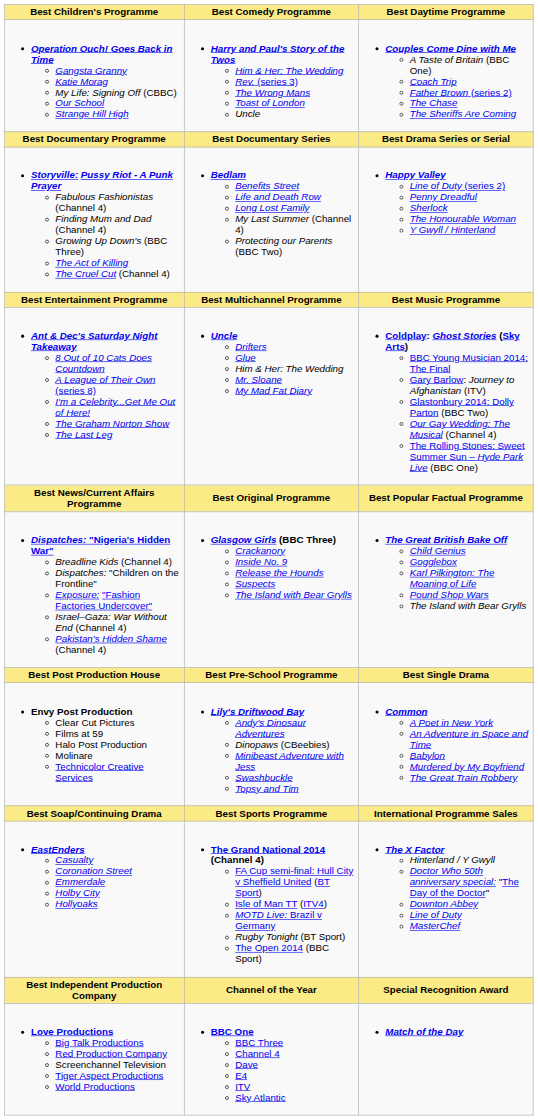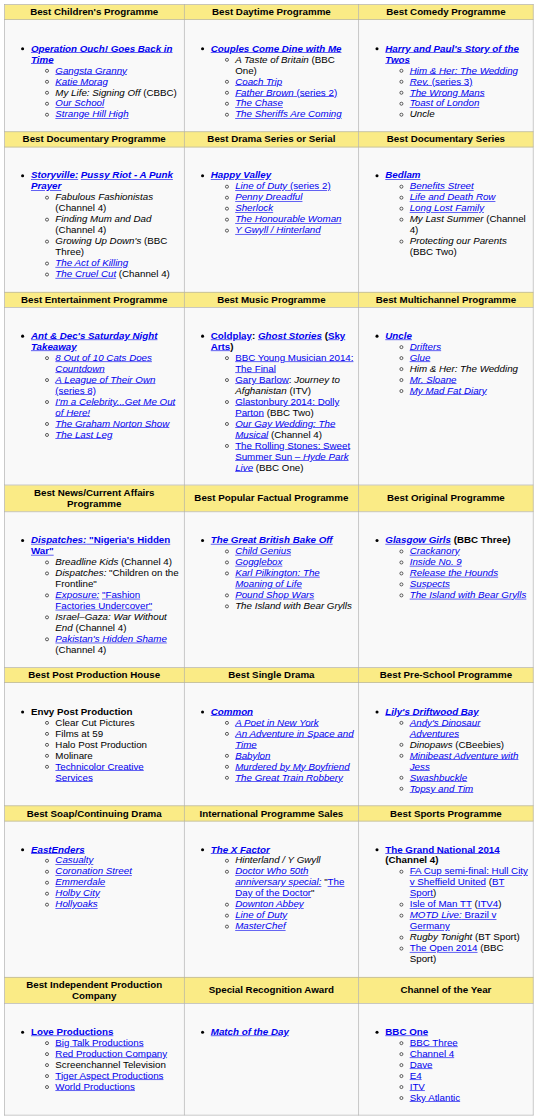 <table class=wikitable style=font-size:100%>
 <tr>
 <th style="background:#FAEB86;" width="34%">Best Children's Programme</th>
+<th style="background:#FAEB86;" width="33%">Best Daytime Programme</th>
 <th style="background:#FAEB86;" width="33%">Best Comedy Programme</th>
-<th style="background:#FAEB86;" width="33%">Best Daytime Programme</th>
 </tr>
 <tr>
 <td valign="top"><br><ul><li><strong><em><a href='#'>Operation Ouch! Goes Back in Time</a></em></strong><ul><li><em><a href='#'>Gangsta Granny</a></em></li><li><em><a href='#'>Katie Morag</a></em></li><li><em>My Life: Signing Off</em> (CBBC)</li><li><em><a href='#'>Our School</a></em></li><li><em><a href='#'>Strange Hill High</a></em></li></ul></li></ul></td>
+<td valign="top"><br><ul><li><strong><em><a href='#'>Couples Come Dine with Me</a></em></strong><ul><li><em>A Taste of Britain</em> (BBC One)</li><li><em><a href='#'>Coach Trip</a></em></li><li><a href='#'><em>Father Brown</em> (series 2)</a></li><li><em><a href='#'>The Chase</a></em></li><li><em><a href='#'>The Sheriffs Are Coming</a></em></li></ul></li></ul></td>
 <td valign="top"><br><ul><li><strong><em><a href='#'>Harry and Paul's Story of the Twos</a></em></strong><ul><li><a href='#'><em>Him & Her: The Wedding</em></a></li><li><a href='#'><em>Rev.</em> (series 3)</a></li><li><em><a href='#'>The Wrong Mans</a></em></li><li><em><a href='#'>Toast of London</a></em></li><li><em>Uncle</em></li></ul></li></ul></td>
-<td valign="top"><br><ul><li><strong><em><a href='#'>Couples Come Dine with Me</a></em></strong><ul><li><em>A Taste of Britain</em> (BBC One)</li><li><em><a href='#'>Coach Trip</a></em></li><li><a href='#'><em>Father Brown</em> (series 2)</a></li><li><em><a href='#'>The Chase</a></em></li><li><em><a href='#'>The Sheriffs Are Coming</a></em></li></ul></li></ul></td>
 </tr>
 <tr>
 <th style="background:#FAEB86;" width="34%">Best Documentary Programme</th>
+<th style="background:#FAEB86;" width="33%">Best Drama Series or Serial</th>
 <th style="background:#FAEB86;" width="33%">Best Documentary Series</th>
-<th style="background:#FAEB86;" width="33%">Best Drama Series or Serial</th>
 </tr>
 <tr>
 <td valign="top"><br><ul><li><strong><em><a href='#'>Storyville:</a> <a href='#'>Pussy Riot - A Punk Prayer</a></em></strong><ul><li><em>Fabulous Fashionistas</em> (Channel 4)</li><li><em>Finding Mum and Dad</em> (Channel 4)</li><li><em>Growing Up Down's</em> (BBC Three)</li><li><em><a href='#'>The Act of Killing</a></em></li><li><em><a href='#'>The Cruel Cut</a></em> (Channel 4)</li></ul></li></ul></td>
+<td valign="top"><br><ul><li><strong><em><a href='#'>Happy Valley</a></em></strong><ul><li><a href='#'><em>Line of Duty</em> (series 2)</a></li><li><em><a href='#'>Penny Dreadful</a></em></li><li><em><a href='#'>Sherlock</a></em></li><li><em><a href='#'>The Honourable Woman</a></em></li><li><em><a href='#'>Y Gwyll / Hinterland</a></em></li></ul></li></ul></td>
 <td valign="top"><br><ul><li><strong><em><a href='#'>Bedlam</a></em></strong><ul><li><em><a href='#'>Benefits Street</a></em></li><li><em><a href='#'>Life and Death Row</a></em></li><li><em><a href='#'>Long Lost Family</a></em></li><li><em>My Last Summer</em> (Channel 4)</li><li><em>Protecting our Parents</em> (BBC Two)</li></ul></li></ul></td>
-<td valign="top"><br><ul><li><strong><em><a href='#'>Happy Valley</a></em></strong><ul><li><a href='#'><em>Line of Duty</em> (series 2)</a></li><li><em><a href='#'>Penny Dreadful</a></em></li><li><em><a href='#'>Sherlock</a></em></li><li><em><a href='#'>The Honourable Woman</a></em></li><li><em><a href='#'>Y Gwyll / Hinterland</a></em></li></ul></li></ul></td>
 </tr>
 <tr>
 <th style="background:#FAEB86;" width="34%">Best Entertainment Programme</th>
+<th style="background:#FAEB86;" width="33%">Best Music Programme</th>
 <th style="background:#FAEB86;" width="33%">Best Multichannel Programme</th>
-<th style="background:#FAEB86;" width="33%">Best Music Programme</th>
 </tr>
 <tr>
 <td valign="top"><br><ul><li><strong><em><a href='#'>Ant & Dec's Saturday Night Takeaway</a></em></strong><ul><li><em><a href='#'>8 Out of 10 Cats Does Countdown</a></em></li><li><a href='#'><em>A League of Their Own</em> (series 8)</a></li><li><em><a href='#'>I'm a Celebrity...Get Me Out of Here!</a></em></li><li><em><a href='#'>The Graham Norton Show</a></em></li><li><em><a href='#'>The Last Leg</a></em></li></ul></li></ul></td>
+<td valign="top"><br><ul><li><strong><a href='#'>Coldplay</a>: <a href='#'><em>Ghost Stories</em></a> (<a href='#'>Sky Arts</a>)</strong><ul><li><a href='#'>BBC Young Musician 2014: The Final</a></li><li><a href='#'>Gary Barlow</a>: <em>Journey to Afghanistan</em> (ITV)</li><li><a href='#'>Glastonbury 2014: Dolly Parton</a> (BBC Two)</li><li><em><a href='#'>Our Gay Wedding: The Musical</a></em> (Channel 4)</li><li><a href='#'>The Rolling Stones: Sweet Summer Sun – <em>Hyde Park Live</em></a> (BBC One)</li></ul></li></ul></td>
 <td valign="top"><br><ul><li><strong><em><a href='#'>Uncle</a></em></strong><ul><li><em><a href='#'>Drifters</a></em></li><li><em><a href='#'>Glue</a></em></li><li><em>Him & Her: The Wedding</em></li><li><em><a href='#'>Mr. Sloane</a></em></li><li><em><a href='#'>My Mad Fat Diary</a></em></li></ul></li></ul></td>
-<td valign="top"><br><ul><li><strong><a href='#'>Coldplay</a>: <a href='#'><em>Ghost Stories</em></a> (<a href='#'>Sky Arts</a>)</strong><ul><li><a href='#'>BBC Young Musician 2014: The Final</a></li><li><a href='#'>Gary Barlow</a>: <em>Journey to Afghanistan</em> (ITV)</li><li><a href='#'>Glastonbury 2014: Dolly Parton</a> (BBC Two)</li><li><em><a href='#'>Our Gay Wedding: The Musical</a></em> (Channel 4)</li><li><a href='#'>The Rolling Stones: Sweet Summer Sun – <em>Hyde Park Live</em></a> (BBC One)</li></ul></li></ul></td>
 </tr>
 <tr>
 <th style="background:#FAEB86;" width="34%">Best News/Current Affairs Programme</th>
+<th style="background:#FAEB86;" width="33%">Best Popular Factual Programme</th>
 <th style="background:#FAEB86;" width="33%">Best Original Programme</th>
-<th style="background:#FAEB86;" width="33%">Best Popular Factual Programme</th>
 </tr>
 <tr>
 <td valign="top"><br><ul><li><a href='#'><strong><em>Dispatches:</em></strong> <strong>"Nigeria's Hidden War"</strong></a><ul><li><em>Breadline Kids</em> (Channel 4)</li><li><em>Dispatches:</em> "Children on the Frontline"</li><li><em><a href='#'>Exposure:</a></em> <a href='#'>"Fashion Factories Undercover"</a></li><li><em>Israel–Gaza: War Without End</em> (Channel 4)</li><li><em><a href='#'>Pakistan's Hidden Shame</a></em> (Channel 4)</li></ul></li></ul></td>
+<td valign="top"><br><ul><li><strong><em><a href='#'>The Great British Bake Off</a></em></strong><ul><li><em><a href='#'>Child Genius</a></em></li><li><em><a href='#'>Gogglebox</a></em></li><li><em><a href='#'>Karl Pilkington: The Moaning of Life</a></em></li><li><em><a href='#'>Pound Shop Wars</a></em></li><li><em>The Island with Bear Grylls</em></li></ul></li></ul></td>
 <td valign="top"><br><ul><li><strong><em><a href='#'>Glasgow Girls</a></em></strong> <strong>(BBC Three)</strong><ul><li><em><a href='#'>Crackanory</a></em></li><li><em><a href='#'>Inside No. 9</a></em></li><li><em><a href='#'>Release the Hounds</a></em></li><li><em><a href='#'>Suspects</a></em></li><li><em><a href='#'>The Island with Bear Grylls</a></em></li></ul></li></ul></td>
-<td valign="top"><br><ul><li><strong><em><a href='#'>The Great British Bake Off</a></em></strong><ul><li><em><a href='#'>Child Genius</a></em></li><li><em><a href='#'>Gogglebox</a></em></li><li><em><a href='#'>Karl Pilkington: The Moaning of Life</a></em></li><li><em><a href='#'>Pound Shop Wars</a></em></li><li><em>The Island with Bear Grylls</em></li></ul></li></ul></td>
 </tr>
 <tr>
 <th style="background:#FAEB86;" width="34%">Best Post Production House</th>
+<th style="background:#FAEB86;" width="33%">Best Single Drama</th>
 <th style="background:#FAEB86;" width="33%">Best Pre-School Programme</th>
-<th style="background:#FAEB86;" width="33%">Best Single Drama</th>
 </tr>
 <tr>
 <td valign="top"><br><ul><li><strong>Envy Post Production</strong><ul><li>Clear Cut Pictures</li><li>Films at 59</li><li>Halo Post Production</li><li>Molinare</li><li><a href='#'>Technicolor Creative Services</a></li></ul></li></ul></td>
+<td valign="top"><br><ul><li><strong><em><a href='#'>Common</a></em></strong><ul><li><em><a href='#'>A Poet in New York</a></em></li><li><em><a href='#'>An Adventure in Space and Time</a></em></li><li><em><a href='#'>Babylon</a></em></li><li><em><a href='#'>Murdered by My Boyfriend</a></em></li><li><em><a href='#'>The Great Train Robbery</a></em></li></ul></li></ul></td>
 <td valign="top"><br><ul><li><strong><em><a href='#'>Lily's Driftwood Bay</a></em></strong><ul><li><em><a href='#'>Andy's Dinosaur Adventures</a></em></li><li><em>Dinopaws</em> (CBeebies)</li><li><em><a href='#'>Minibeast Adventure with Jess</a></em></li><li><em><a href='#'>Swashbuckle</a></em></li><li><em><a href='#'>Topsy and Tim</a></em></li></ul></li></ul></td>
-<td valign="top"><br><ul><li><strong><em><a href='#'>Common</a></em></strong><ul><li><em><a href='#'>A Poet in New York</a></em></li><li><em><a href='#'>An Adventure in Space and Time</a></em></li><li><em><a href='#'>Babylon</a></em></li><li><em><a href='#'>Murdered by My Boyfriend</a></em></li><li><em><a href='#'>The Great Train Robbery</a></em></li></ul></li></ul></td>
 </tr>
 <tr>
 <th style="background:#FAEB86;" width="34%">Best Soap/Continuing Drama</th>
+<th style="background:#FAEB86;" width="33%">International Programme Sales</th>
 <th style="background:#FAEB86;" width="33%">Best Sports Programme</th>
-<th style="background:#FAEB86;" width="33%">International Programme Sales</th>
 </tr>
 <tr>
 <td valign="top"><br><ul><li><strong><em><a href='#'>EastEnders</a></em></strong><ul><li><em><a href='#'>Casualty</a></em></li><li><em><a href='#'>Coronation Street</a></em></li><li><em><a href='#'>Emmerdale</a></em></li><li><em><a href='#'>Holby City</a></em></li><li><em><a href='#'>Hollyoaks</a></em></li></ul></li></ul></td>
+<td valign="top"><br><ul><li><strong><em><a href='#'>The X Factor</a></em></strong><ul><li><em>Hinterland / Y Gwyll</em></li><li><em><a href='#'>Doctor Who 50th anniversary special:</a></em> "<a href='#'>The Day of the Doctor</a>"</li><li><em><a href='#'>Downton Abbey</a></em></li><li><em><a href='#'>Line of Duty</a></em></li><li><em><a href='#'>MasterChef</a></em></li></ul></li></ul></td>
 <td valign="top"><br><ul><li><strong><a href='#'>The Grand National 2014</a> (Channel 4)</strong><ul><li><a href='#'>FA Cup semi-final: Hull City v Sheffield United</a> (<a href='#'>BT Sport</a>)</li><li><a href='#'>Isle of Man TT</a> (<a href='#'>ITV4</a>)</li><li><a href='#'><em>MOTD Live:</em> Brazil v Germany</a></li><li><em>Rugby Tonight</em> (BT Sport)</li><li><a href='#'>The Open 2014</a> (BBC Sport)</li></ul></li></ul></td>
-<td valign="top"><br><ul><li><strong><em><a href='#'>The X Factor</a></em></strong><ul><li><em>Hinterland / Y Gwyll</em></li><li><em><a href='#'>Doctor Who 50th anniversary special:</a></em> "<a href='#'>The Day of the Doctor</a>"</li><li><em><a href='#'>Downton Abbey</a></em></li><li><em><a href='#'>Line of Duty</a></em></li><li><em><a href='#'>MasterChef</a></em></li></ul></li></ul></td>
 </tr>
 <tr>
 <th style="background:#FAEB86;" width="33%">Best Independent Production Company</th>
+<th style="background:#FAEB86;" width="33%">Special Recognition Award</th>
 <th style="background:#FAEB86;" width="33%">Channel of the Year</th>
-<th style="background:#FAEB86;" width="33%">Special Recognition Award</th>
 </tr>
 <tr>
 <td valign="top"><br><ul><li><strong><a href='#'>Love Productions</a></strong><ul><li><a href='#'>Big Talk Productions</a></li><li><a href='#'>Red Production Company</a></li><li>Screenchannel Television</li><li><a href='#'>Tiger Aspect Productions</a></li><li><a href='#'>World Productions</a></li></ul></li></ul></td>
+<td valign="top"><br><ul><li><strong><em><a href='#'>Match of the Day</a></em></strong></li></ul></td>
 <td valign="top"><br><ul><li><strong><a href='#'>BBC One</a></strong><ul><li><a href='#'>BBC Three</a></li><li><a href='#'>Channel 4</a></li><li><a href='#'>Dave</a></li><li><a href='#'>E4</a></li><li><a href='#'>ITV</a></li><li><a href='#'>Sky Atlantic</a></li></ul></li></ul></td>
-<td valign="top"><br><ul><li><strong><em><a href='#'>Match of the Day</a></em></strong></li></ul></td>
 </tr>
 </table>
